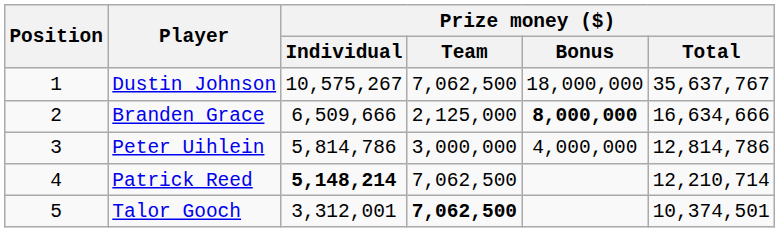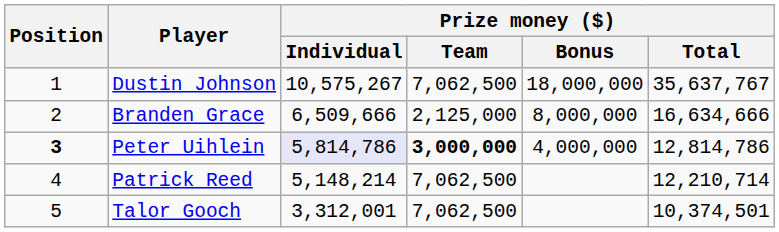 <table class="wikitable">
 <tr>
 <th rowspan=2>Position</th>
 <th rowspan=2>Player</th>
 <th colspan=4>Prize money ($)</th>
 </tr>
 <tr>
 <th>Individual</th>
 <th>Team</th>
 <th>Bonus</th>
 <th>Total</th>
 </tr>
 <tr>
 <td align=center>1</td>
 <td> <a href='#'>Dustin Johnson</a></td>
 <td align=center>10,575,267</td>
 <td align=center>7,062,500</td>
 <td align=center>18,000,000</td>
 <td align=center>35,637,767</td>
 </tr>
 <tr>
 <td align=center>2</td>
 <td> <a href='#'>Branden Grace</a></td>
 <td align=center>6,509,666</td>
 <td align=center>2,125,000</td>
-<td align=center><strong>8,000,000</strong></td>
+<td align=center>8,000,000</td>
 <td align=center>16,634,666</td>
 </tr>
 <tr>
-<td align=center>3</td>
+<td align=center><strong>3</strong></td>
 <td> <a href='#'>Peter Uihlein</a></td>
-<td align=center>5,814,786</td>
-<td align=center>3,000,000</td>
+<td align=center style="background: lavender;">5,814,786</td>
+<td align=center><strong>3,000,000</strong></td>
 <td align=center>4,000,000</td>
 <td align=center>12,814,786</td>
 </tr>
 <tr>
 <td align=center>4</td>
 <td> <a href='#'>Patrick Reed</a></td>
-<td align=center><strong>5,148,214</strong></td>
+<td align=center>5,148,214</td>
 <td align=center>7,062,500</td>
 <td align=center></td>
 <td align=center>12,210,714</td>
 </tr>
 <tr>
 <td align=center>5</td>
 <td> <a href='#'>Talor Gooch</a></td>
 <td align=center>3,312,001</td>
-<td align=center><strong>7,062,500</strong></td>
+<td align=center>7,062,500</td>
 <td align=center></td>
 <td align=center>10,374,501</td>
 </tr>
 </table>
